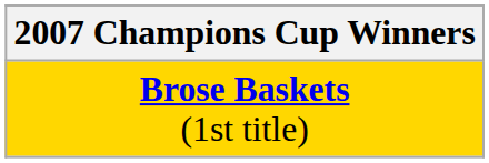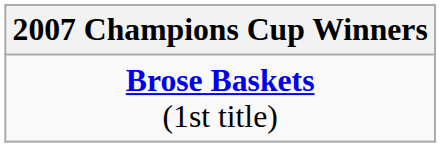 <table class=wikitable style="text-align:center; margin:auto">
 <tr>
 <th>2007 Champions Cup Winners</th>
 </tr>
 <tr>
-<td style="background: gold;"><strong><a href='#'>Brose Baskets</a></strong><br>(1st title)</td>
+<td><strong><a href='#'>Brose Baskets</a></strong><br>(1st title)</td>
 </tr>
 </table>
